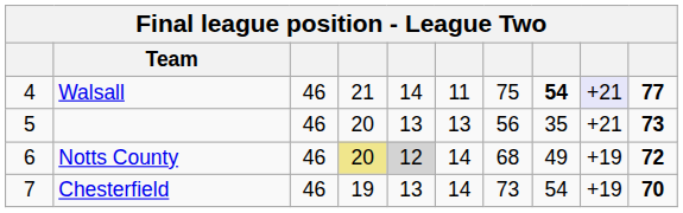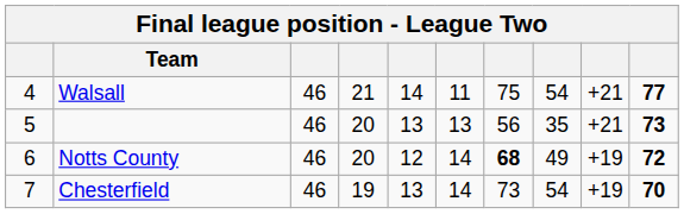 <table class="wikitable" style="text-align:center">
 <tr>
 <th colspan="10"><big>Final league position - League Two</big></th>
 </tr>
 <tr>
 <th width="30"></th>
 <th width="175">Team</th>
 <th width="30"></th>
 <th width="30"></th>
 <th width="30"></th>
 <th width="30"></th>
 <th width="30"></th>
 <th width="30"></th>
 <th width="30"></th>
 <th width="30"></th>
 </tr>
 <tr>
 <td>4</td>
 <td align="left"><a href='#'>Walsall</a></td>
 <td>46</td>
 <td>21</td>
 <td>14</td>
 <td>11</td>
 <td>75</td>
-<td><strong>54</strong></td>
-<td style="background: lavender;">+21</td>
+<td>54</td>
+<td>+21</td>
 <td><strong>77</strong></td>
 </tr>
 <tr>
 <td>5</td>
 <td align="left"></td>
 <td>46</td>
 <td>20</td>
 <td>13</td>
 <td>13</td>
 <td>56</td>
 <td>35</td>
 <td>+21</td>
 <td><strong>73</strong></td>
 </tr>
 <tr>
 <td>6</td>
 <td align="left"><a href='#'>Notts County</a></td>
 <td>46</td>
-<td style="background: khaki;">20</td>
-<td style="background: lightgrey;">12</td>
+<td>20</td>
+<td>12</td>
 <td>14</td>
-<td>68</td>
+<td><strong>68</strong></td>
 <td>49</td>
 <td>+19</td>
 <td><strong>72</strong></td>
 </tr>
 <tr>
 <td>7</td>
 <td align="left"><a href='#'>Chesterfield</a></td>
 <td>46</td>
 <td>19</td>
 <td>13</td>
 <td>14</td>
 <td>73</td>
 <td>54</td>
 <td>+19</td>
 <td><strong>70</strong></td>
 </tr>
 </table>
